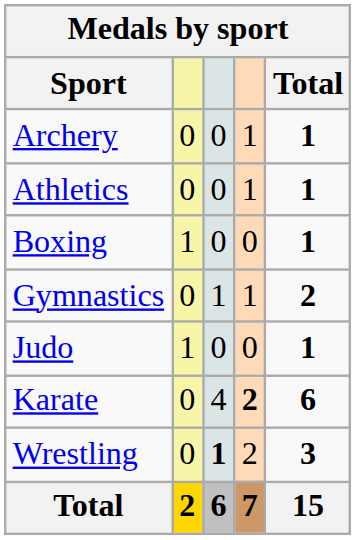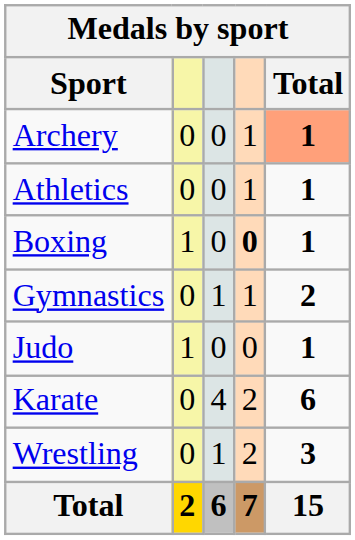 <table class="wikitable" style="text-align:center;font-size:85%;float:right;clear:right;">
 <tr style="background:#efefef;">
 <th colspan=5>Medals by sport</th>
 </tr>
 <tr>
 <th>Sport</th>
 <td bgcolor=#f7f6a8></td>
 <td bgcolor=#dce5e5></td>
 <td bgcolor=#ffdab9></td>
 <th>Total</th>
 </tr>
 <tr>
 <td align=left><a href='#'>Archery</a></td>
 <td bgcolor=#f7f6a8>0</td>
 <td bgcolor=#dce5e5>0</td>
 <td bgcolor=#ffdab9>1</td>
-<td><strong>1</strong></td>
+<td style="background: lightsalmon;"><strong>1</strong></td>
 </tr>
 <tr>
 <td align=left><a href='#'>Athletics</a></td>
 <td bgcolor=#f7f6a8>0</td>
 <td bgcolor=#dce5e5>0</td>
 <td bgcolor=#ffdab9>1</td>
 <td><strong>1</strong></td>
 </tr>
 <tr>
 <td align=left><a href='#'>Boxing</a></td>
 <td bgcolor=#f7f6a8>1</td>
 <td bgcolor=#dce5e5>0</td>
-<td bgcolor=#ffdab9>0</td>
+<td bgcolor=#ffdab9><strong>0</strong></td>
 <td><strong>1</strong></td>
 </tr>
 <tr>
 <td align=left><a href='#'>Gymnastics</a></td>
 <td bgcolor=#f7f6a8>0</td>
 <td bgcolor=#dce5e5>1</td>
 <td bgcolor=#ffdab9>1</td>
 <td><strong>2</strong></td>
 </tr>
 <tr>
 <td align=left><a href='#'>Judo</a></td>
 <td bgcolor=#f7f6a8>1</td>
 <td bgcolor=#dce5e5>0</td>
 <td bgcolor=#ffdab9>0</td>
 <td><strong>1</strong></td>
 </tr>
 <tr>
 <td align=left><a href='#'>Karate</a></td>
 <td bgcolor=#f7f6a8>0</td>
 <td bgcolor=#dce5e5>4</td>
-<td bgcolor=#ffdab9><strong>2</strong></td>
+<td bgcolor=#ffdab9>2</td>
 <td><strong>6</strong></td>
 </tr>
 <tr>
 <td align=left><a href='#'>Wrestling</a></td>
 <td bgcolor=#f7f6a8>0</td>
-<td bgcolor=#dce5e5><strong>1</strong></td>
+<td bgcolor=#dce5e5>1</td>
 <td bgcolor=#ffdab9>2</td>
 <td><strong>3</strong></td>
 </tr>
 <tr>
 <th>Total</th>
 <th style="background:gold;">2</th>
 <th style="background:silver;">6</th>
 <th style="background:#c96;">7</th>
 <th>15</th>
 </tr>
 </table>
